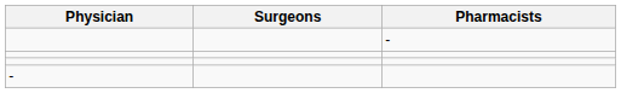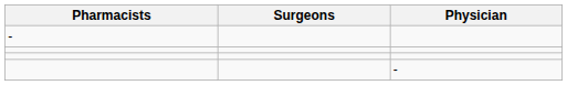 <table class="wikitable">
 <tr>
+<th align="left" width="250">Pharmacists</th>
+<th align="left" width="200">Surgeons</th>
 <th align="left" width="200">Physician</th>
-<th align="left" width="200">Surgeons</th>
-<th align="left" width="250">Pharmacists</th>
 </tr>
 <tr>
+<td>-</td>
 <td></td>
 <td></td>
-<td>-</td>
 </tr>
 <tr>
 <td></td>
 <td></td>
 <td></td>
 </tr>
 <tr>
 <td></td>
 <td></td>
 <td></td>
 </tr>
 <tr>
-<td>-</td>
 <td></td>
 <td></td>
+<td>-</td>
 </tr>
 </table>
